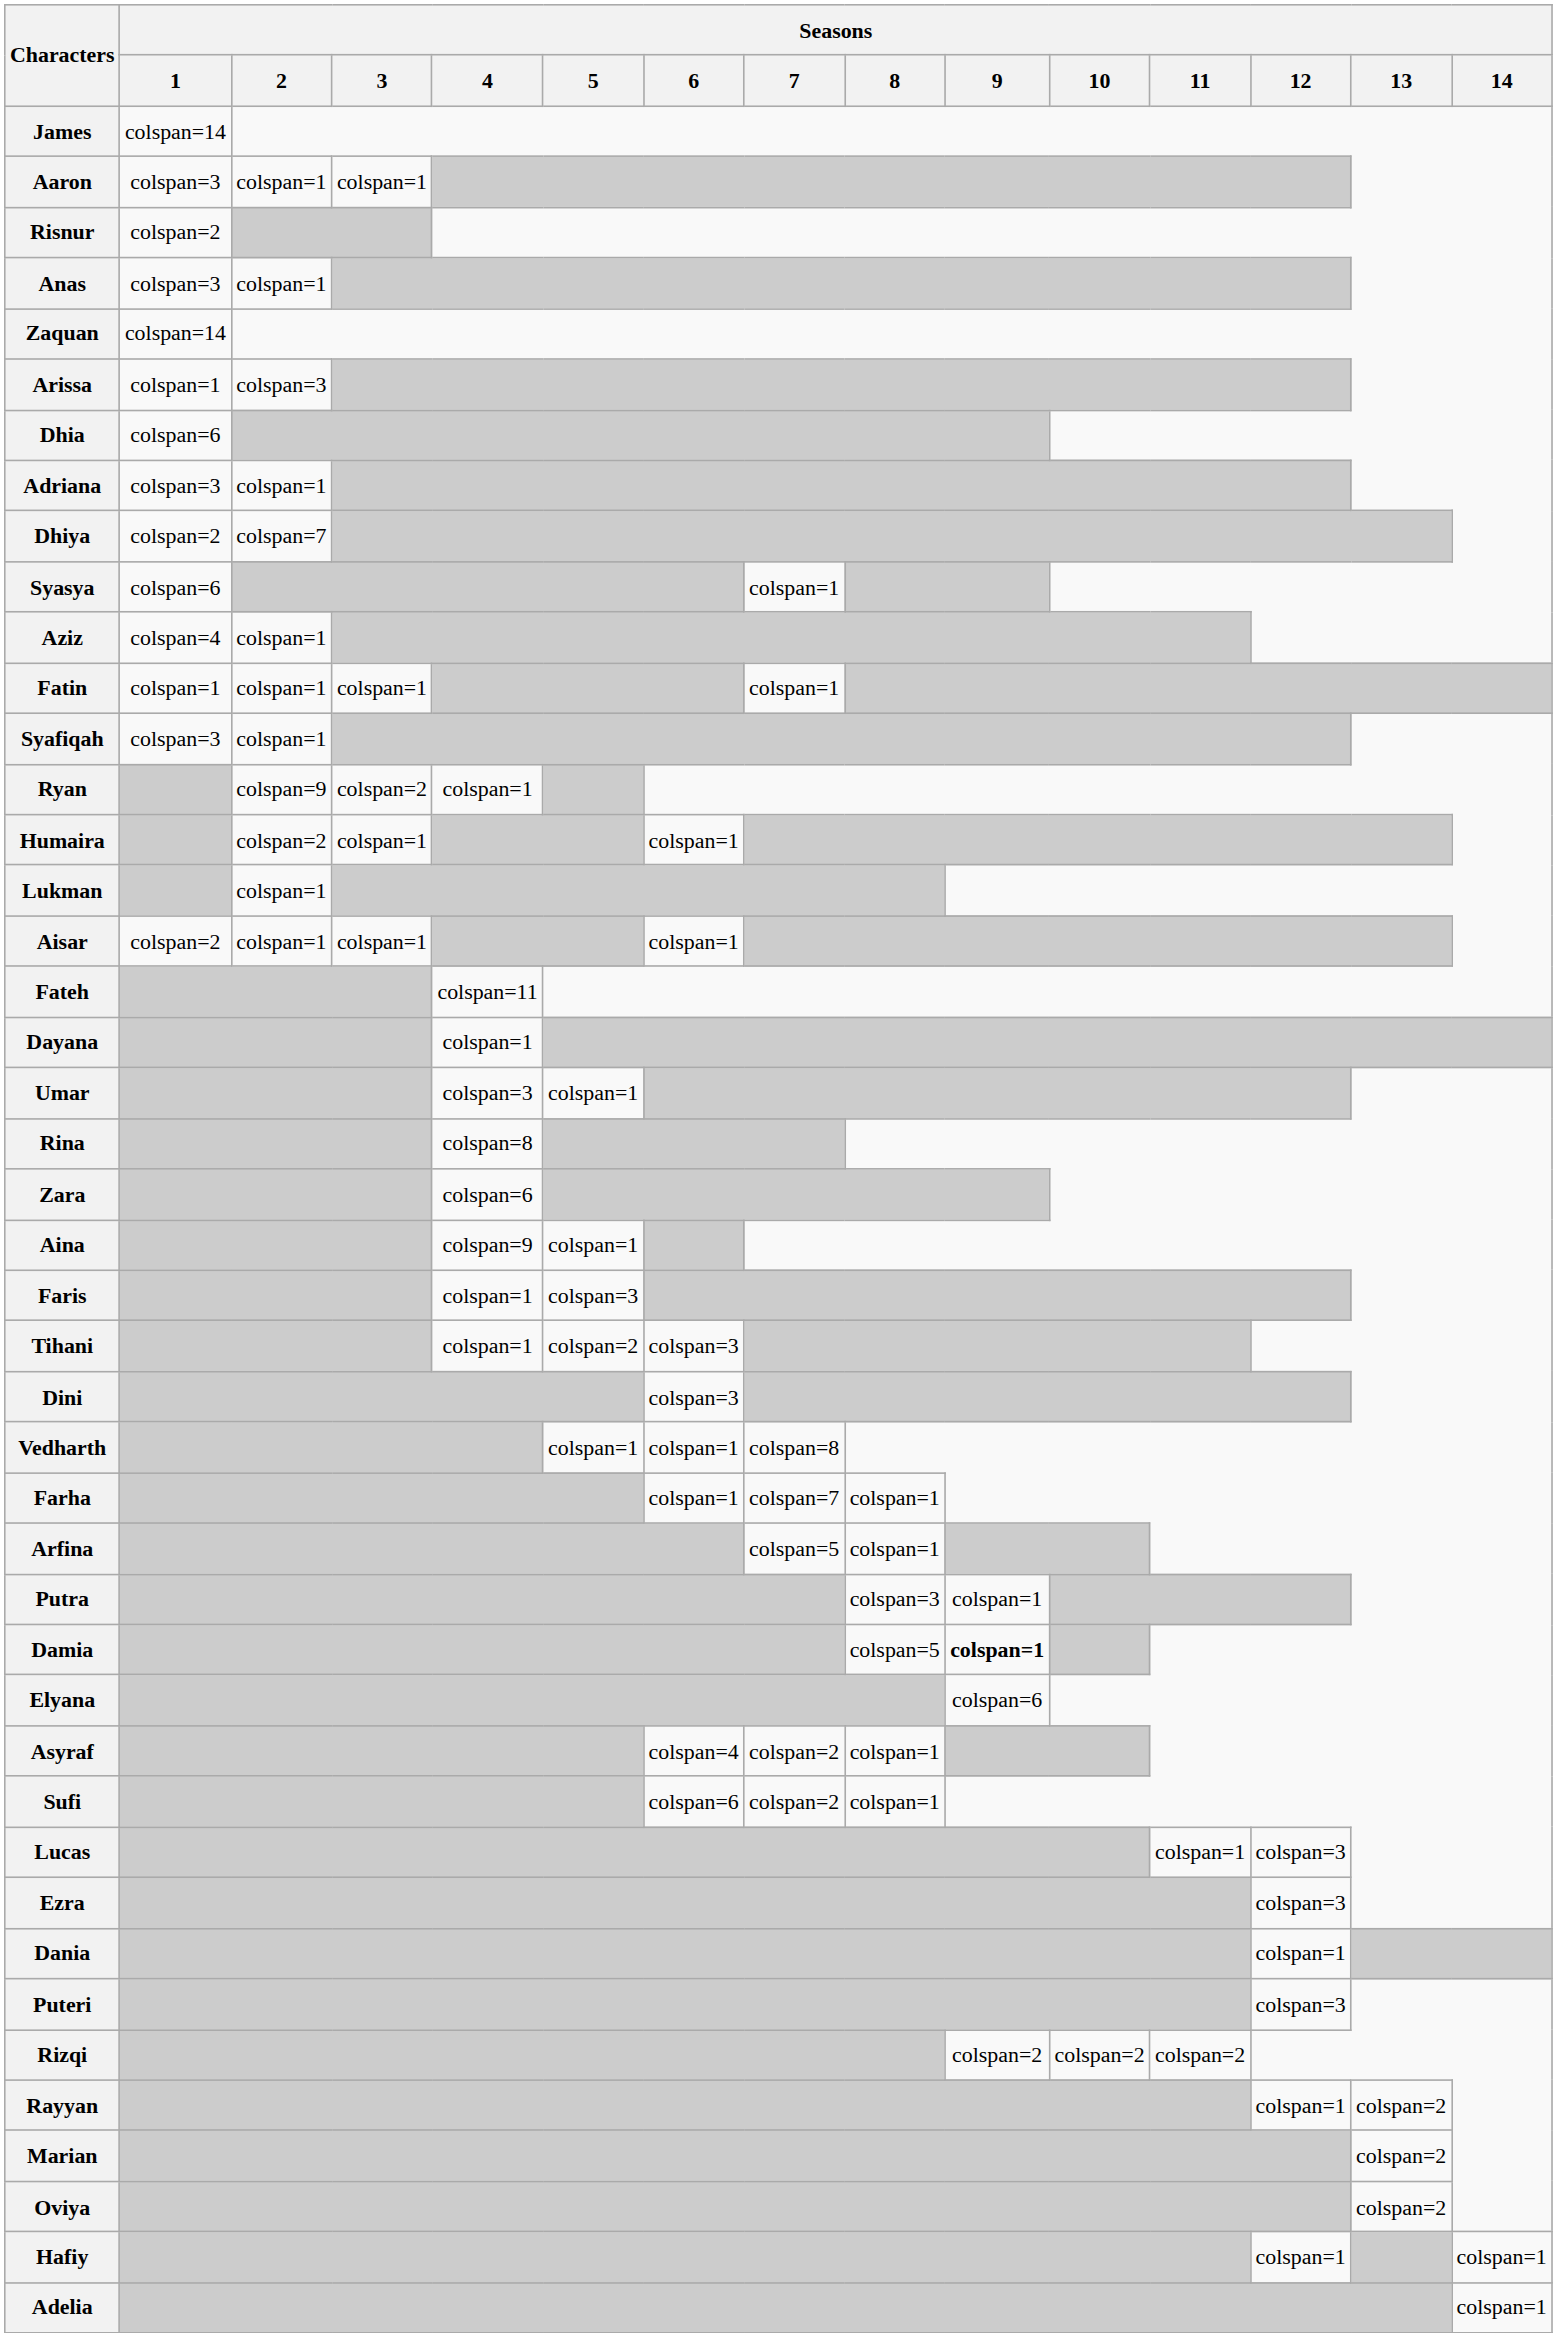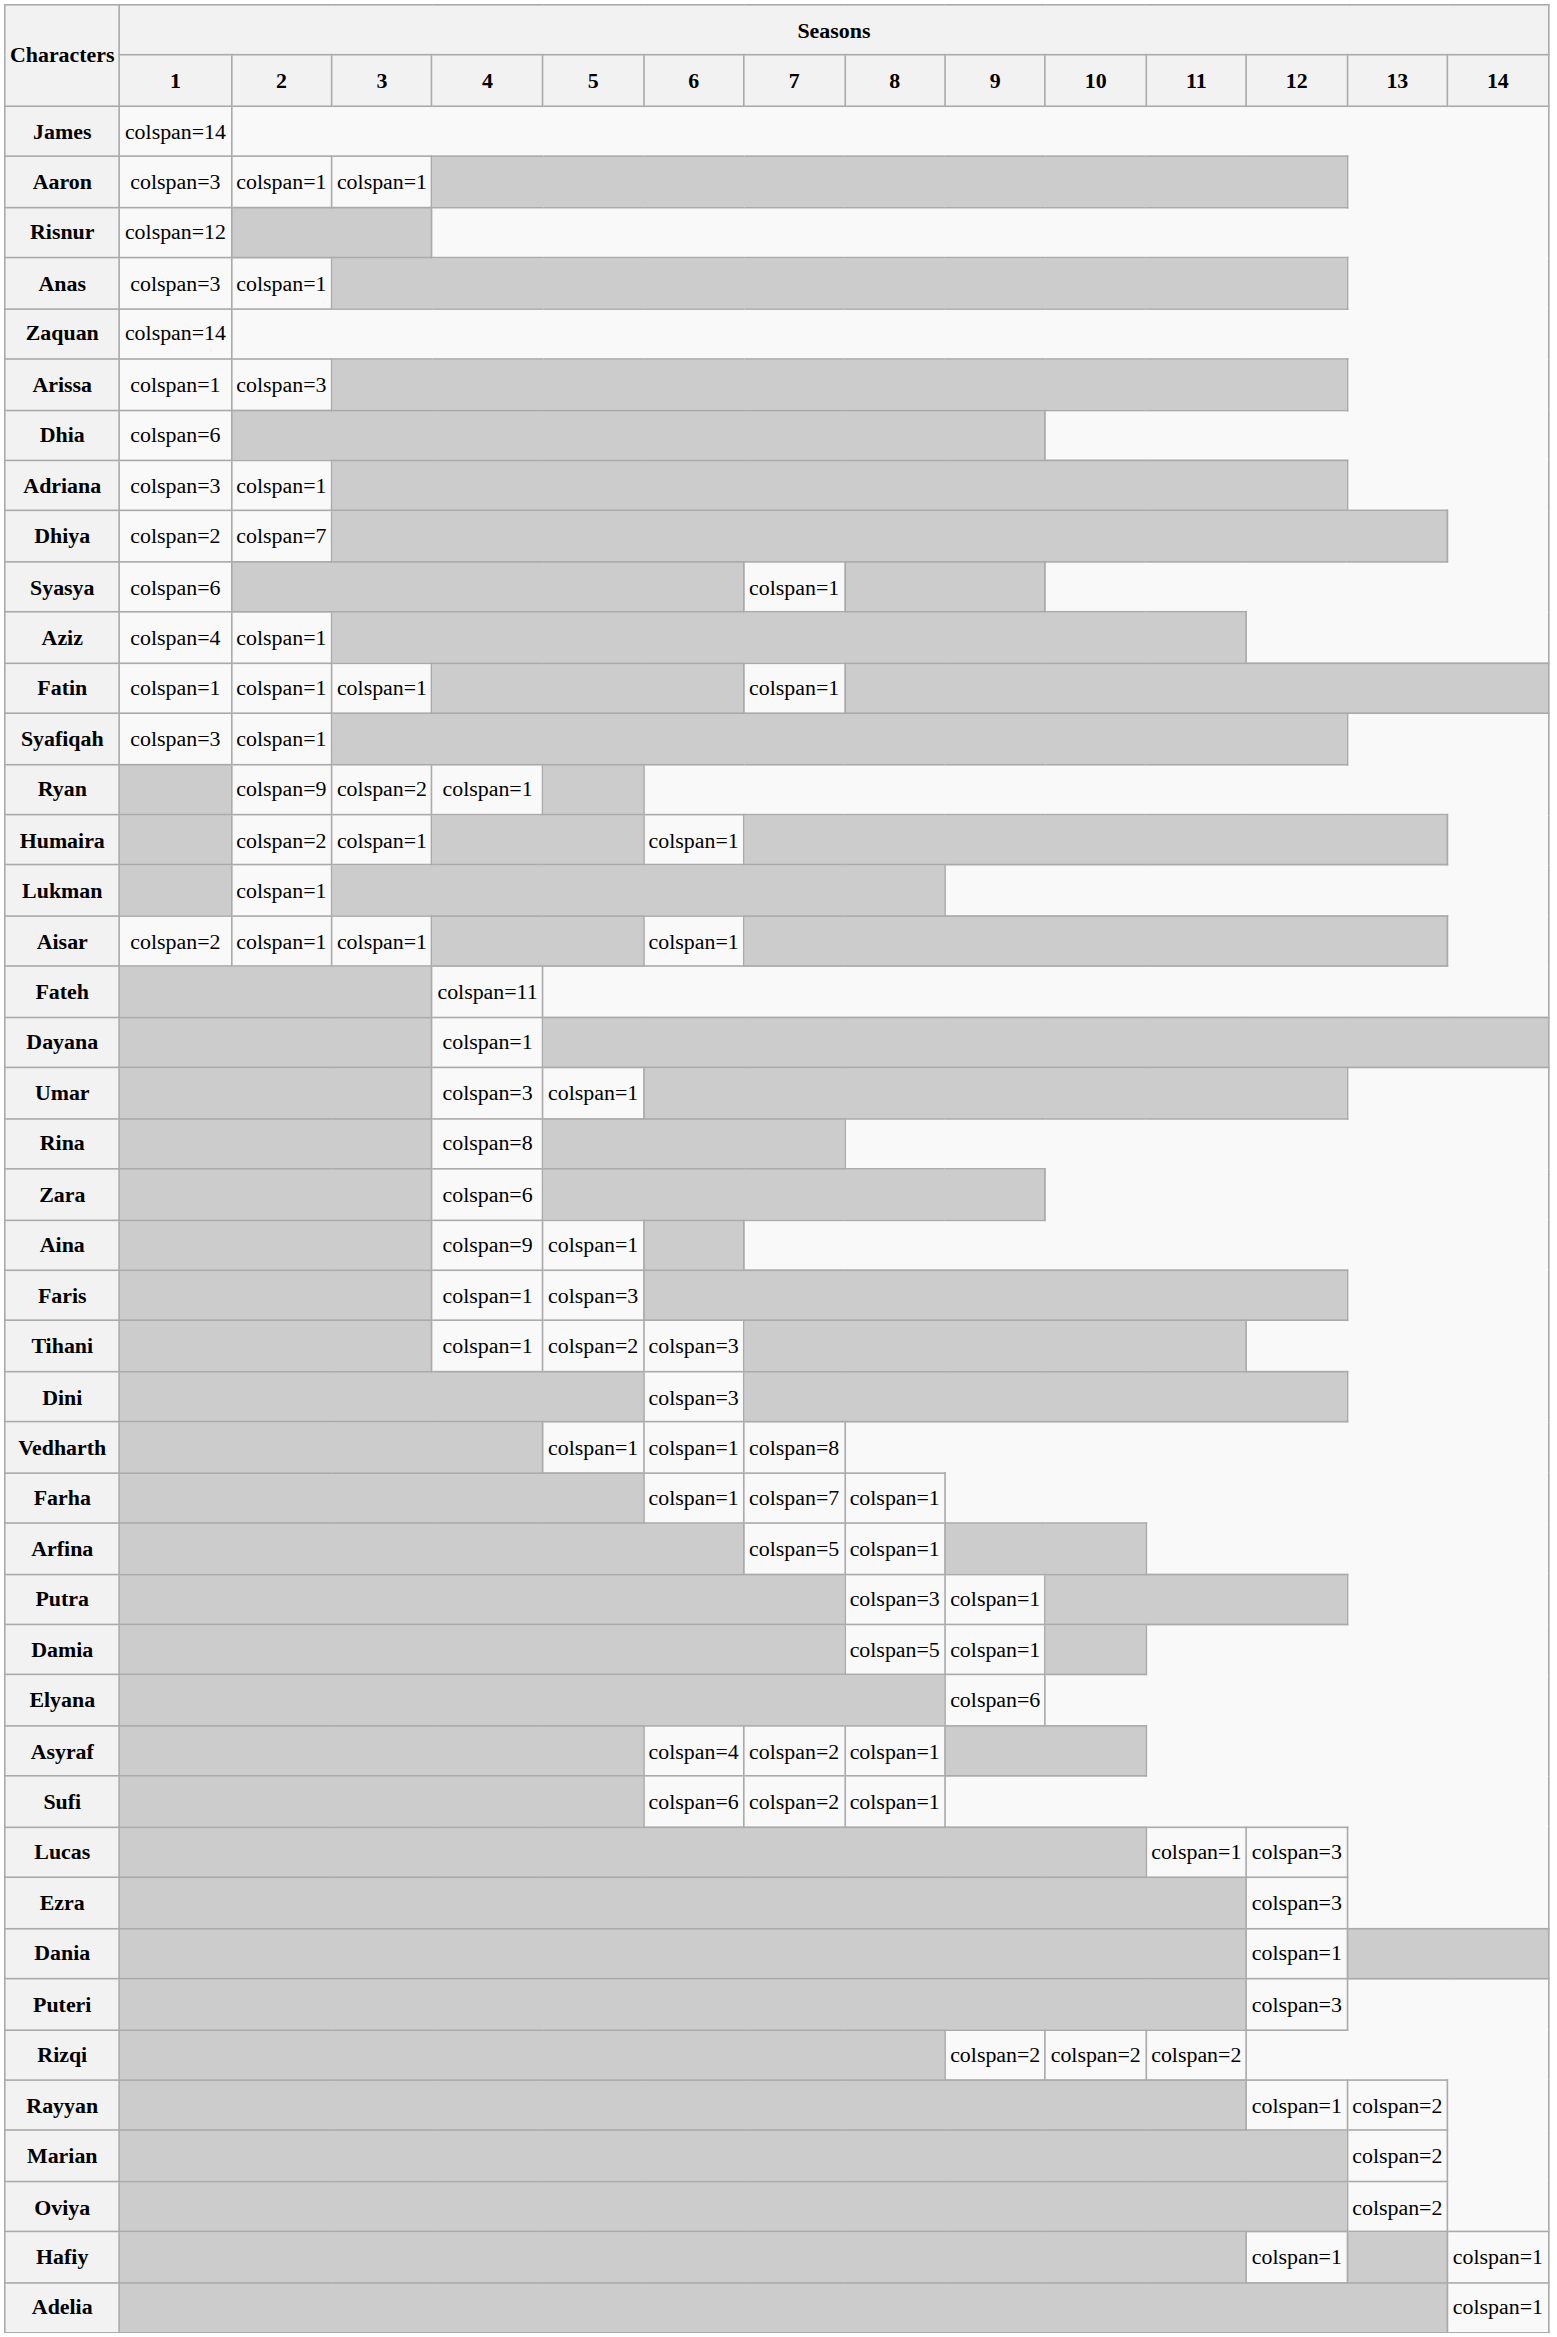 <table class="wikitable sortable" style=" text-align:center; font-size:85%;  line-height:25px; width:auto;">
 <tr>
 <th rowspan=2 scope="col" style="background: #0000Z0;color: black">Characters</th>
 <th colspan=14 scope="col" style="background:#0000Z0;color: black">Seasons</th>
 </tr>
 <tr>
 <th>1</th>
 <th>2</th>
 <th>3</th>
 <th>4</th>
 <th>5</th>
 <th>6</th>
 <th>7</th>
 <th>8</th>
 <th>9</th>
 <th>10</th>
 <th>11</th>
 <th>12</th>
 <th>13</th>
 <th>14</th>
 </tr>
 <tr>
 <th>James</th>
 <td>colspan=14 </td>
 </tr>
 <tr>
 <th>Aaron</th>
 <td>colspan=3 </td>
 <td>colspan=1 </td>
 <td>colspan=1 </td>
 <td colspan=9 style="background:#ccc"></td>
 </tr>
 <tr>
 <th>Risnur</th>
-<td>colspan=2 </td>
+<td>colspan=12 </td>
 <td colspan=2 style="background:#ccc"></td>
 </tr>
 <tr>
 <th>Anas</th>
 <td>colspan=3 </td>
 <td>colspan=1 </td>
 <td colspan=10 style="background:#ccc"></td>
 </tr>
 <tr>
 <th>Zaquan</th>
 <td>colspan=14 </td>
 </tr>
 <tr>
 <th>Arissa</th>
 <td>colspan=1 </td>
 <td>colspan=3 </td>
 <td colspan=10 style="background:#ccc"></td>
 </tr>
 <tr>
 <th>Dhia</th>
 <td>colspan=6 </td>
 <td colspan=8 style="background:#ccc"></td>
 </tr>
 <tr>
 <th>Adriana</th>
 <td>colspan=3 </td>
 <td>colspan=1 </td>
 <td colspan=10 style="background:#ccc"></td>
 </tr>
 <tr>
 <th>Dhiya</th>
 <td>colspan=2 </td>
 <td>colspan=7 </td>
 <td colspan=11 style="background:#ccc"></td>
 </tr>
 <tr>
 <th>Syasya</th>
 <td>colspan=6 </td>
 <td colspan=5 style="background:#ccc"></td>
 <td>colspan=1 </td>
 <td colspan=2 style="background:#ccc"></td>
 </tr>
 <tr>
 <th>Aziz</th>
 <td>colspan=4 </td>
 <td>colspan=1 </td>
 <td colspan=9 style="background:#ccc"></td>
 </tr>
 <tr>
 <th>Fatin</th>
 <td>colspan=1 </td>
 <td>colspan=1 </td>
 <td>colspan=1 </td>
 <td colspan=3 style="background:#ccc"></td>
 <td>colspan=1 </td>
 <td colspan=7 style="background:#ccc"></td>
 </tr>
 <tr>
 <th>Syafiqah</th>
 <td>colspan=3 </td>
 <td>colspan=1 </td>
 <td colspan=10 style="background:#ccc"></td>
 </tr>
 <tr>
 <th>Ryan</th>
 <td colspan=1 style="background:#ccc"></td>
 <td>colspan=9 </td>
 <td>colspan=2 </td>
 <td>colspan=1 </td>
 <td colspan=1 style="background:#ccc"></td>
 </tr>
 <tr>
 <th>Humaira</th>
 <td colspan=1 style="background:#ccc"></td>
 <td>colspan=2 </td>
 <td>colspan=1 </td>
 <td colspan=2 style="background:#ccc"></td>
 <td>colspan=1 </td>
 <td colspan=7 style="background:#ccc"></td>
 </tr>
 <tr>
 <th>Lukman</th>
 <td colspan=1 style="background:#ccc"></td>
 <td>colspan=1 </td>
 <td colspan=6 style="background:#ccc"></td>
 </tr>
 <tr>
 <th>Aisar</th>
 <td>colspan=2 </td>
 <td>colspan=1 </td>
 <td>colspan=1 </td>
 <td colspan=2 style="background:#ccc"></td>
 <td>colspan=1 </td>
 <td colspan=7 style="background:#ccc"></td>
 </tr>
 <tr>
 <th>Fateh</th>
 <td colspan=3 style="background:#ccc"></td>
 <td>colspan=11 </td>
 </tr>
 <tr>
 <th>Dayana</th>
 <td colspan=3 style="background:#ccc"></td>
 <td>colspan=1 </td>
 <td colspan=10 style="background:#ccc"></td>
 </tr>
 <tr>
 <th>Umar</th>
 <td colspan=3 style="background:#ccc"></td>
 <td>colspan=3 </td>
 <td>colspan=1 </td>
 <td colspan=7 style="background:#ccc"></td>
 </tr>
 <tr>
 <th>Rina</th>
 <td colspan=3 style="background:#ccc"></td>
 <td>colspan=8 </td>
 <td colspan=3 style="background:#ccc"></td>
 </tr>
 <tr>
 <th>Zara</th>
 <td colspan=3 style="background:#ccc"></td>
 <td>colspan=6 </td>
 <td colspan=5 style="background:#ccc"></td>
 </tr>
 <tr>
 <th>Aina</th>
 <td colspan=3 style="background:#ccc"></td>
 <td>colspan=9 </td>
 <td>colspan=1 </td>
 <td colspan=1 style="background:#ccc"></td>
 </tr>
 <tr>
 <th>Faris</th>
 <td colspan=3 style="background:#ccc"></td>
 <td>colspan=1 </td>
 <td>colspan=3 </td>
 <td colspan=7 style="background:#ccc"></td>
 </tr>
 <tr>
 <th>Tihani</th>
 <td colspan=3 style="background:#ccc"></td>
 <td>colspan=1 </td>
 <td>colspan=2 </td>
 <td>colspan=3 </td>
 <td colspan=5 style="background:#ccc"></td>
 </tr>
 <tr>
 <th>Dini</th>
 <td colspan=5 style="background:#ccc"></td>
 <td>colspan=3 </td>
 <td colspan=6 style="background:#ccc"></td>
 </tr>
 <tr>
 <th>Vedharth</th>
 <td colspan=4 style="background:#ccc"></td>
 <td>colspan=1 </td>
 <td>colspan=1 </td>
 <td>colspan=8 </td>
 </tr>
 <tr>
 <th>Farha</th>
 <td colspan=5 style="background:#ccc"></td>
 <td>colspan=1 </td>
 <td>colspan=7 </td>
 <td>colspan=1 </td>
 </tr>
 <tr>
 <th>Arfina</th>
 <td colspan=6 style="background:#ccc"></td>
 <td>colspan=5 </td>
 <td>colspan=1 </td>
 <td colspan=2 style="background:#ccc"></td>
 </tr>
 <tr>
 <th>Putra</th>
 <td colspan=7 style="background:#ccc"></td>
 <td>colspan=3 </td>
 <td>colspan=1 </td>
 <td colspan=3 style="background:#ccc"></td>
 </tr>
 <tr>
 <th>Damia</th>
 <td colspan=7 style="background:#ccc"></td>
 <td>colspan=5 </td>
-<td><strong>colspan=1 </strong></td>
+<td>colspan=1 </td>
 <td colspan=1 style="background:#ccc"></td>
 </tr>
 <tr>
 <th>Elyana</th>
 <td colspan=8 style="background:#ccc"></td>
 <td>colspan=6 </td>
 </tr>
 <tr>
 <th>Asyraf</th>
 <td colspan=5 style="background:#ccc"></td>
 <td>colspan=4 </td>
 <td>colspan=2 </td>
 <td>colspan=1 </td>
 <td colspan=2 style="background:#ccc"></td>
 </tr>
 <tr>
 <th>Sufi</th>
 <td colspan=5 style="background:#ccc"></td>
 <td>colspan=6 </td>
 <td>colspan=2 </td>
 <td>colspan=1 </td>
 </tr>
 <tr>
 <th>Lucas</th>
 <td colspan=10 style="background:#ccc"></td>
 <td>colspan=1 </td>
 <td>colspan=3 </td>
 </tr>
 <tr>
 <th>Ezra</th>
 <td colspan=11 style="background:#ccc"></td>
 <td>colspan=3 </td>
 </tr>
 <tr>
 <th>Dania</th>
 <td colspan=11 style="background:#ccc"></td>
 <td>colspan=1 </td>
 <td colspan=2 style="background:#ccc"></td>
 </tr>
 <tr>
 <th>Puteri</th>
 <td colspan=11 style="background:#ccc"></td>
 <td>colspan=3 </td>
 </tr>
 <tr>
 <th>Rizqi</th>
 <td colspan=8 style="background:#ccc"></td>
 <td>colspan=2 </td>
 <td>colspan=2 </td>
 <td>colspan=2 </td>
 </tr>
 <tr>
 <th>Rayyan</th>
 <td colspan=11 style="background:#ccc"></td>
 <td>colspan=1 </td>
 <td>colspan=2 </td>
 </tr>
 <tr>
 <th>Marian</th>
 <td colspan=12 style="background:#ccc"></td>
 <td>colspan=2 </td>
 </tr>
 <tr>
 <th>Oviya</th>
 <td colspan=12 style="background:#ccc"></td>
 <td>colspan=2 </td>
 </tr>
 <tr>
 <th>Hafiy</th>
 <td colspan=11 style="background:#ccc"></td>
 <td>colspan=1 </td>
 <td colspan=1 style="background:#ccc"></td>
 <td>colspan=1 </td>
 </tr>
 <tr>
 <th>Adelia</th>
 <td colspan=13 style="background:#ccc"></td>
 <td>colspan=1 </td>
 </tr>
 <tr>
 </tr>
 </table>
